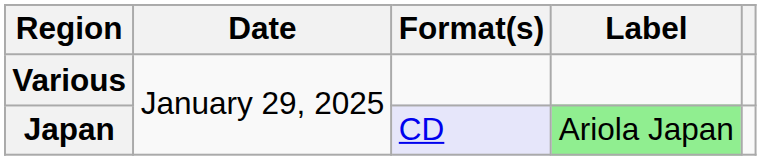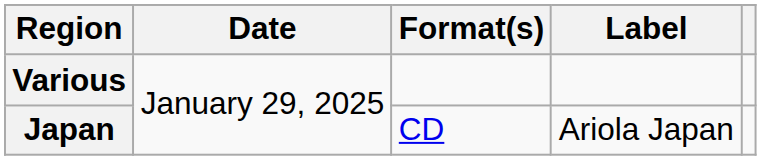 <table class="wikitable plainrowheaders">
 <tr>
 <th scope="col">Region</th>
 <th scope="col">Date</th>
 <th scope="col">Format(s)</th>
 <th scope="col">Label</th>
 <th scope="col"></th>
 </tr>
 <tr>
 <th scope="row">Various</th>
 <td rowspan="2">January 29, 2025</td>
 <td></td>
 <td></td>
 <td style="text-align:center"></td>
 </tr>
 <tr>
 <th scope="row">Japan</th>
-<td style="background: lavender;"><a href='#'>CD</a></td>
-<td style="background: lightgreen;">Ariola Japan</td>
+<td><a href='#'>CD</a></td>
+<td>Ariola Japan</td>
 <td style="text-align:center"></td>
 </tr>
 </table>
